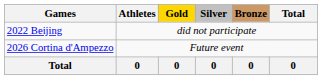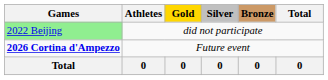 <table class="wikitable" style="text-align:center; font-size:90%;">
 <tr>
 <th>Games</th>
 <th>Athletes</th>
 <td style="background:gold; width:3.0em; font-weight:bold;">Gold</td>
 <td style="background:silver; width:3.0em; font-weight:bold;">Silver</td>
 <td style="background:#cc9966; width:3.0em; font-weight:bold;">Bronze</td>
 <th style="width:4em; font-weight:bold;">Total</th>
 </tr>
 <tr>
-<td align=left> <a href='#'>2022 Beijing</a></td>
+<td align=left style="background: lightgreen;"> <a href='#'>2022 Beijing</a></td>
 <td colspan=5><em>did not participate</em></td>
 </tr>
 <tr>
-<td align=left> <a href='#'>2026 Cortina d'Ampezzo</a></td>
+<td align=left><strong> <a href='#'>2026 Cortina d'Ampezzo</a></strong></td>
 <td colspan=5><em>Future event</em></td>
 </tr>
 <tr>
 <th colspan=1>Total</th>
 <th>0</th>
 <th>0</th>
 <th>0</th>
 <th>0</th>
 <th 0>0</th>
 </tr>
 </table>
